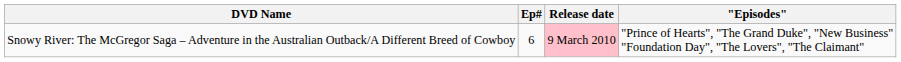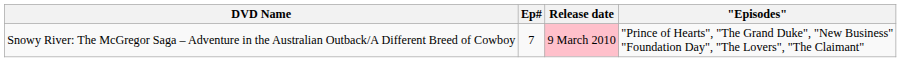 <table class="wikitable">
 <tr>
 <th>DVD Name</th>
 <th>Ep#</th>
 <th>Release date</th>
 <th>"Episodes"</th>
 </tr>
 <tr>
 <td>Snowy River: The McGregor Saga – Adventure in the Australian Outback/A Different Breed of Cowboy</td>
-<td style="text-align:center;">6</td>
+<td style="text-align:center;">7</td>
 <td style="background: pink;">9 March 2010</td>
 <td>"Prince of Hearts", "The Grand Duke", "New Business"<br>"Foundation Day", "The Lovers", "The Claimant"</td>
 </tr>
 </table>
